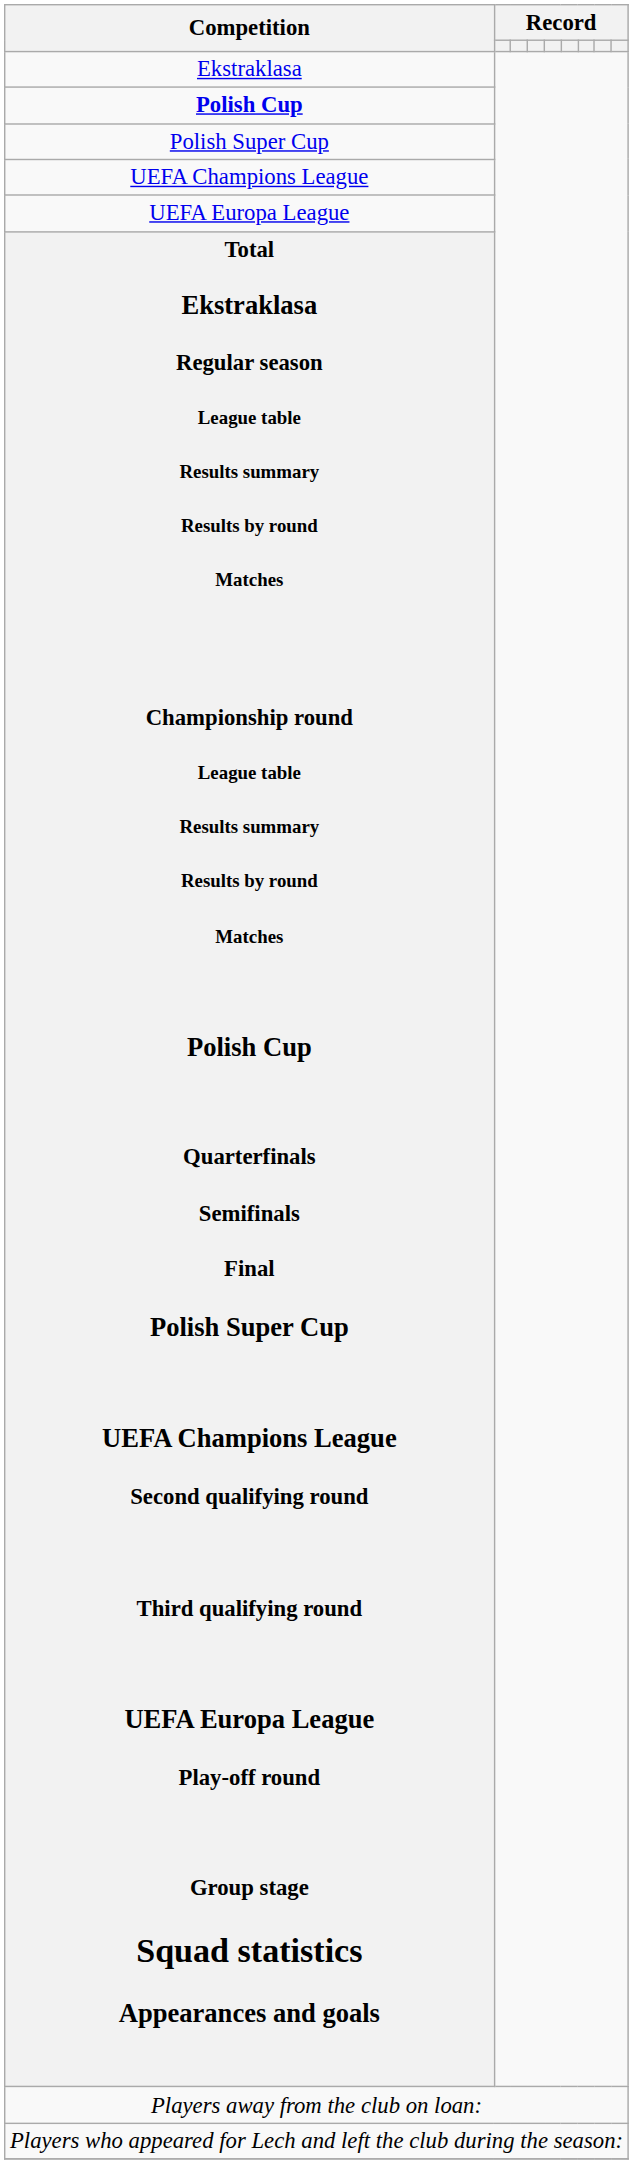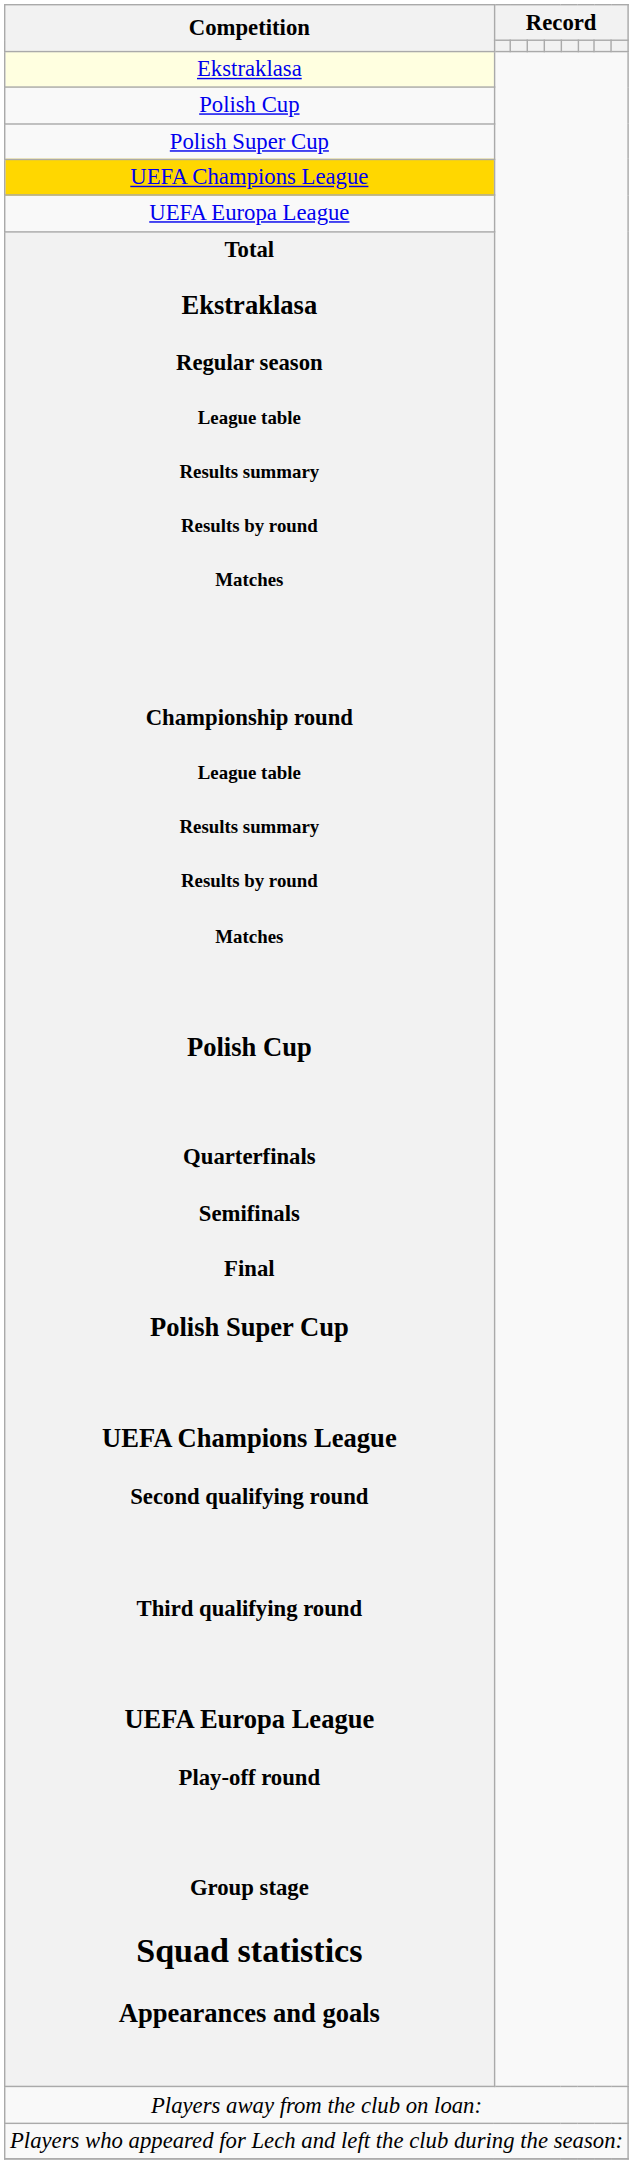 <table class="wikitable" style="text-align: center">
 <tr>
 <th rowspan=2>Competition</th>
 <th colspan=8>Record</th>
 </tr>
 <tr>
 <th></th>
 <th></th>
 <th></th>
 <th></th>
 <th></th>
 <th></th>
 <th></th>
 <th></th>
 </tr>
 <tr>
-<td><a href='#'>Ekstraklasa</a><br></td>
+<td style="background: lightyellow;"><a href='#'>Ekstraklasa</a><br></td>
 </tr>
 <tr>
-<td><strong><a href='#'>Polish Cup</a><br></strong></td>
+<td><a href='#'>Polish Cup</a><br></td>
 </tr>
 <tr>
 <td><a href='#'>Polish Super Cup</a><br></td>
 </tr>
 <tr>
-<td><a href='#'>UEFA Champions League</a><br></td>
+<td style="background: gold;"><a href='#'>UEFA Champions League</a><br></td>
 </tr>
 <tr>
 <td><a href='#'>UEFA Europa League</a><br></td>
 </tr>
 <tr>
 <th>Total<br> <h3>Ekstraklasa</h3><h4>Regular season</h4><h5>League table</h5><h5>Results summary</h5> <h5>Results by round</h5><h5>Matches</h5>  <br> <br>                           <h4>Championship round</h4><h5>League table</h5><h5>Results summary</h5> <h5>Results by round</h5><h5>Matches</h5>  <br>      <h3>Polish Cup</h3><br> <h4>Quarterfinals</h4> <h4>Semifinals</h4> <h4>Final</h4><h3>Polish Super Cup</h3><br><h3>UEFA Champions League</h3><h4>Second qualifying round</h4><br> <h4>Third qualifying round</h4><br> <h3>UEFA Europa League</h3><h4>Play-off round</h4><br> <h4>Group stage</h4>       <h2>Squad statistics</h2><h3>Appearances and goals</h3><br>                             </th>
 </tr>
 <tr>
 <td colspan="14"><em>Players away from the club on loan:</em><br> </td>
 </tr>
 <tr>
 <td colspan="14"><em>Players who appeared for Lech and left the club during the season:</em><br>   </td>
 </tr>
 <tr>
 </tr>
 </table>
